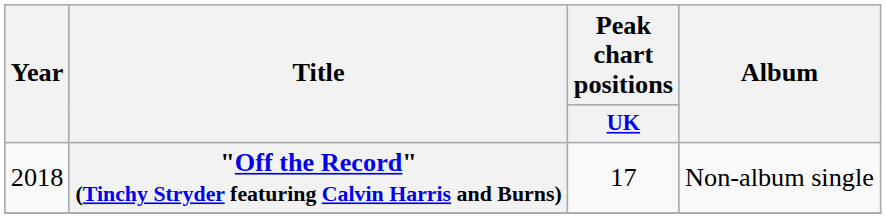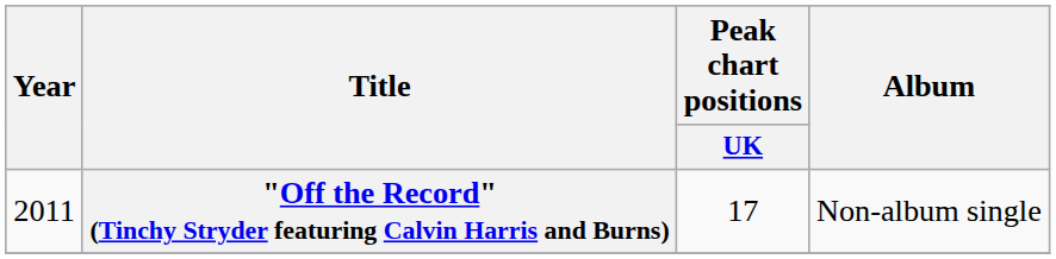 <table class="wikitable plainrowheaders" style="text-align:center;" border="1">
 <tr>
 <th scope="col" rowspan="2">Year</th>
 <th scope="col" rowspan="2">Title</th>
 <th scope="col" colspan="1">Peak chart positions</th>
 <th scope="col" rowspan="2">Album</th>
 </tr>
 <tr>
 <th scope="col" style="width:3em;font-size:85%;"><a href='#'>UK</a><br></th>
 </tr>
 <tr>
-<td>2018</td>
+<td>2011</td>
 <th scope="row">"<a href='#'>Off the Record</a>"<br><small>(<a href='#'>Tinchy Stryder</a> featuring <a href='#'>Calvin Harris</a> and Burns)</small></th>
 <td>17</td>
 <td>Non-album single</td>
 </tr>
 <tr>
 </tr>
 </table>
